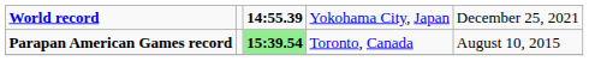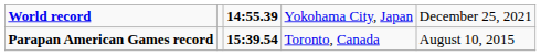 <table class="wikitable">
 <tr>
 <td><strong><a href='#'>World record</a></strong></td>
 <td></td>
 <td><strong>14:55.39</strong></td>
 <td><a href='#'>Yokohama City</a>, <a href='#'>Japan</a></td>
 <td>December 25, 2021</td>
 </tr>
 <tr>
 <td><strong>Parapan American Games record</strong></td>
 <td></td>
-<td style="background: lightgreen;"><strong>15:39.54</strong></td>
+<td><strong>15:39.54</strong></td>
 <td><a href='#'>Toronto</a>, <a href='#'>Canada</a></td>
 <td>August 10, 2015</td>
 </tr>
 <tr>
 </tr>
 </table>
